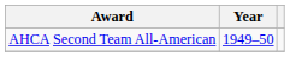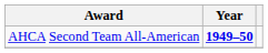 <table class="wikitable">
 <tr>
 <th>Award</th>
 <th>Year</th>
 <th></th>
 </tr>
 <tr>
 <td><a href='#'>AHCA</a> <a href='#'>Second Team All-American</a></td>
-<td><a href='#'>1949–50</a></td>
+<td><strong><a href='#'>1949–50</a></strong></td>
 <td></td>
 </tr>
 <tr>
 </tr>
 </table>
